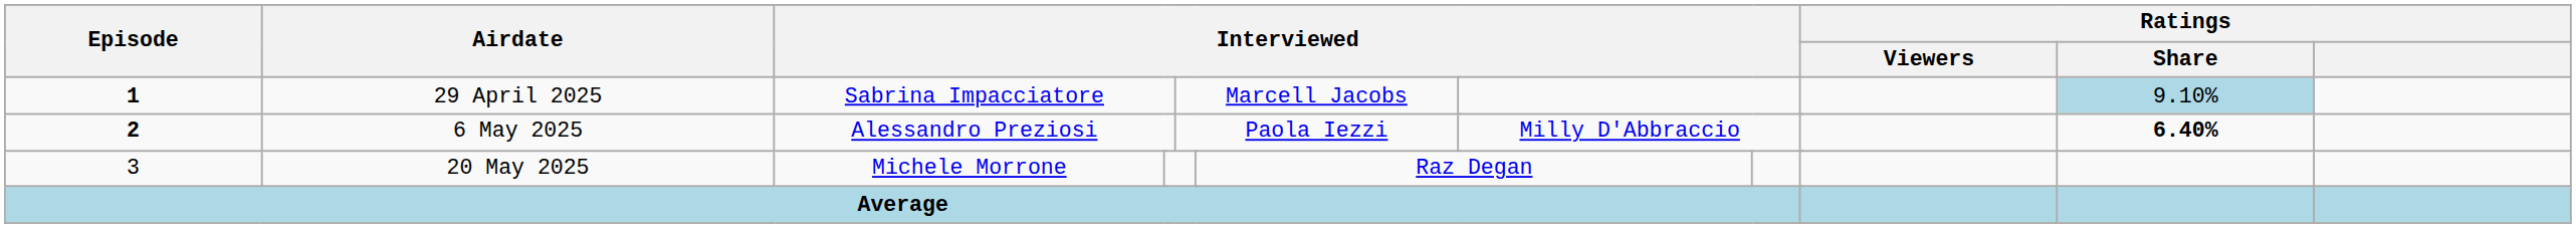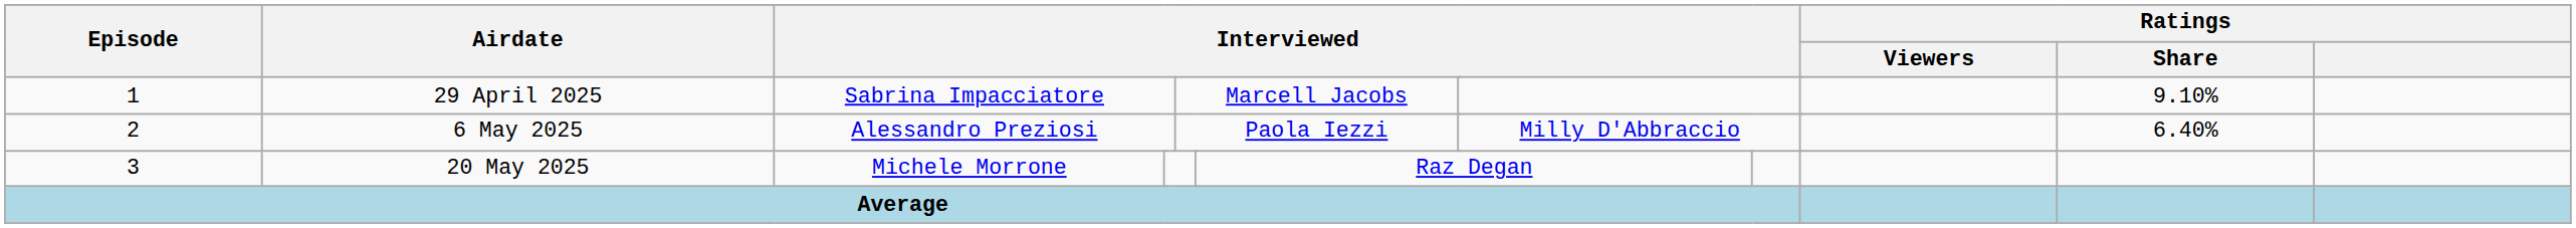 <table class="wikitable" style="font-size:90%; width:70%; text-align:center">
 <tr>
 <th rowspan="2" style="width:5%;">Episode</th>
 <th rowspan="2" style="width:10%;">Airdate</th>
 <th rowspan="2" colspan="12" style="width:20%;">Interviewed</th>
 <th colspan="3">Ratings</th>
 </tr>
 <tr>
 <th style="width:5%;">Viewers</th>
 <th style="width:5%;">Share</th>
 <th style="width:5%;"></th>
 </tr>
 <tr>
-<td><strong>1</strong></td>
+<td>1</td>
 <td>29 April 2025</td>
 <td colspan="4"><a href='#'>Sabrina Impacciatore</a></td>
 <td colspan="4"><a href='#'>Marcell Jacobs</a></td>
 <td colspan="4"></td>
 <td></td>
-<td style="background: lightblue;">9.10%</td>
+<td>9.10%</td>
 <td></td>
 </tr>
 <tr>
-<td><strong>2</strong></td>
+<td>2</td>
 <td>6 May 2025</td>
 <td colspan="4"><a href='#'>Alessandro Preziosi</a></td>
 <td colspan="4"><a href='#'>Paola Iezzi</a></td>
 <td colspan="4"><a href='#'>Milly D'Abbraccio</a></td>
 <td></td>
-<td><strong>6.40%</strong></td>
+<td>6.40%</td>
 <td></td>
 </tr>
 <tr>
 <td>3</td>
 <td>20 May 2025</td>
 <td colspan="3"><a href='#'>Michele Morrone</a></td>
 <td colspan="3"></td>
 <td colspan="3"><a href='#'>Raz Degan</a></td>
 <td colspan="3"></td>
 <td></td>
 <td></td>
 <td></td>
 </tr>
 <tr>
 <td colspan="14" style="background:lightblue"><strong>Average</strong></td>
 <td style="background:lightblue"></td>
 <td style="background:lightblue"></td>
 <td style="background:lightblue"></td>
 </tr>
 </table>
